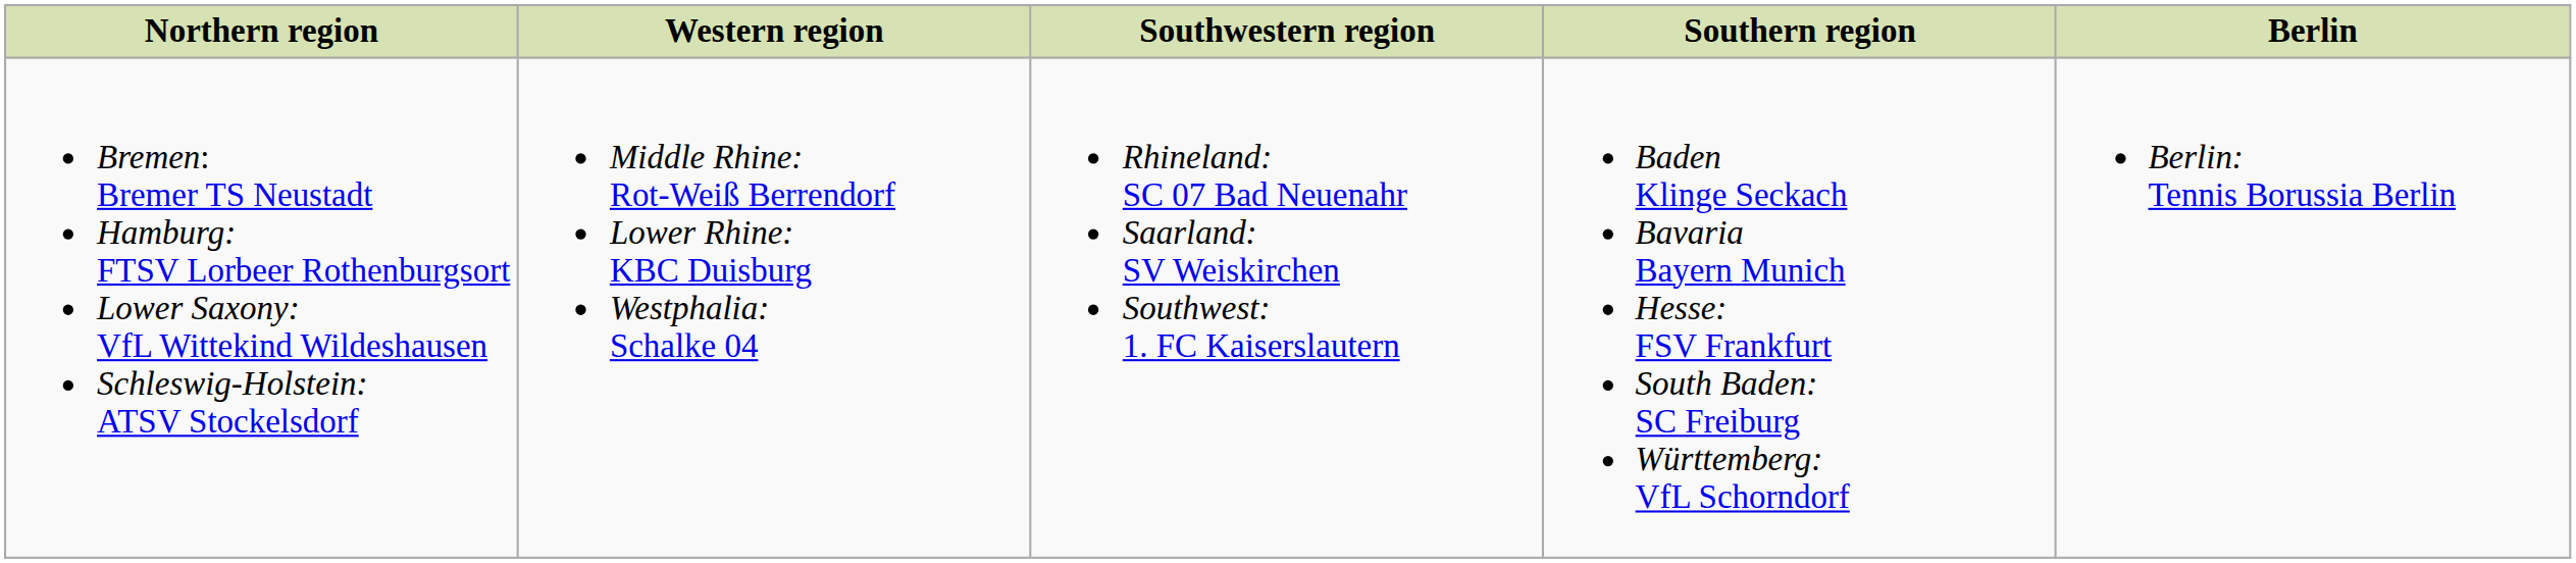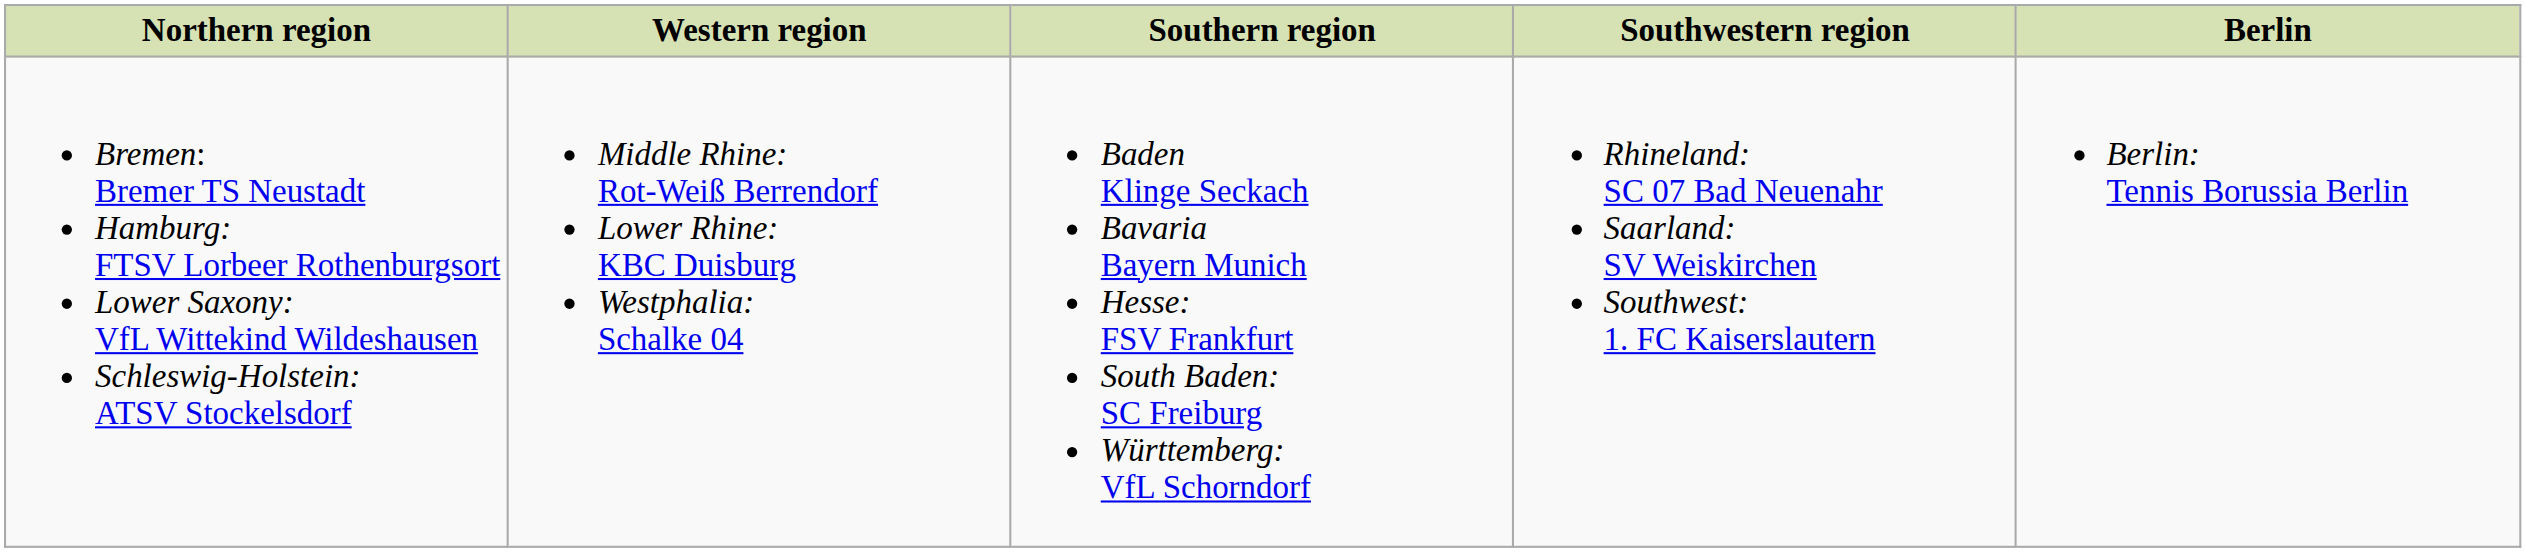 <table class="wikitable">
 <tr valign="top" style="background-color: #d6e2b3;">
 <td style="width: 20%; text-align:center;"><strong>Northern region</strong></td>
 <td style="width: 20%; text-align:center;"><strong>Western region</strong></td>
+<td style="width: 20%; text-align:center;"><strong>Southern region</strong></td>
 <td style="width: 20%; text-align:center;"><strong>Southwestern region</strong></td>
-<td style="width: 20%; text-align:center;"><strong>Southern region</strong></td>
 <td style="width: 20%; text-align:center;"><strong>Berlin</strong></td>
 </tr>
 <tr valign="top">
 <td><br><ul><li><em>Bremen</em>:<br><a href='#'>Bremer TS Neustadt</a></li><li><em>Hamburg:</em><br><a href='#'>FTSV Lorbeer Rothenburgsort</a></li><li><em>Lower Saxony:</em><br><a href='#'>VfL Wittekind Wildeshausen</a></li><li><em>Schleswig-Holstein:</em><br><a href='#'>ATSV Stockelsdorf</a></li></ul></td>
 <td><br><ul><li><em>Middle Rhine:</em><br><a href='#'>Rot-Weiß Berrendorf</a></li><li><em>Lower Rhine:</em><br><a href='#'>KBC Duisburg</a></li><li><em>Westphalia:</em><br><a href='#'>Schalke 04</a></li></ul></td>
+<td><br><ul><li><em>Baden</em><br><a href='#'>Klinge Seckach</a></li><li><em>Bavaria</em><br><a href='#'>Bayern Munich</a></li><li><em>Hesse:</em><br><a href='#'>FSV Frankfurt</a></li><li><em>South Baden:</em><br><a href='#'>SC Freiburg</a></li><li><em>Württemberg:</em><br><a href='#'>VfL Schorndorf</a></li></ul></td>
 <td><br><ul><li><em>Rhineland:</em><br><a href='#'>SC 07 Bad Neuenahr</a></li><li><em>Saarland:</em> <br><a href='#'>SV Weiskirchen</a></li><li><em>Southwest:</em><br><a href='#'>1. FC Kaiserslautern</a></li></ul></td>
-<td><br><ul><li><em>Baden</em><br><a href='#'>Klinge Seckach</a></li><li><em>Bavaria</em><br><a href='#'>Bayern Munich</a></li><li><em>Hesse:</em><br><a href='#'>FSV Frankfurt</a></li><li><em>South Baden:</em><br><a href='#'>SC Freiburg</a></li><li><em>Württemberg:</em><br><a href='#'>VfL Schorndorf</a></li></ul></td>
 <td><br><ul><li><em>Berlin:</em><br><a href='#'>Tennis Borussia Berlin</a></li></ul></td>
 </tr>
 </table>
